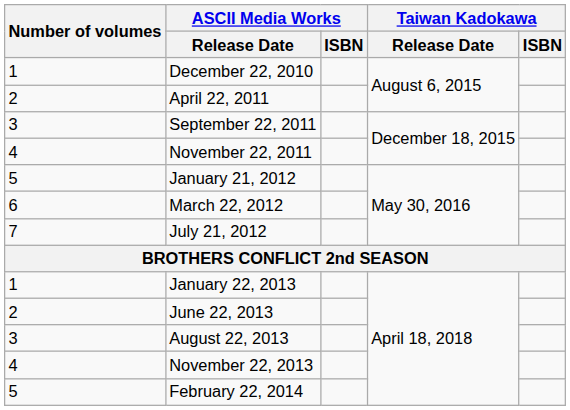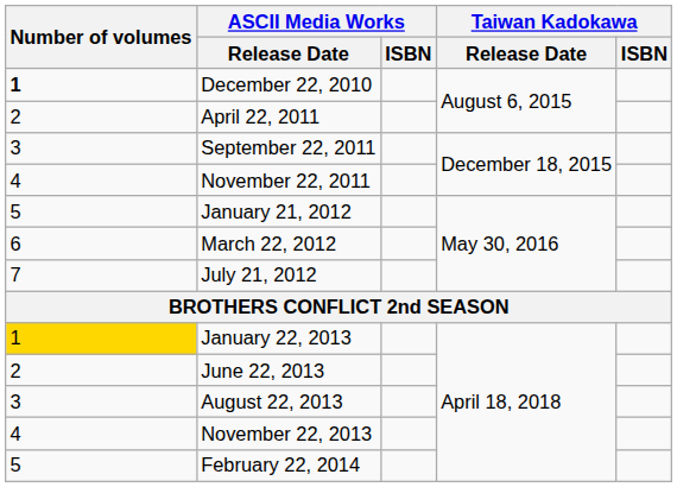 <table class=wikitable style="font-size:small;">
 <tr>
 <th rowspan="2">Number of volumes</th>
 <th colspan="2"> <a href='#'>ASCII Media Works</a></th>
 <th colspan="2"> <a href='#'>Taiwan Kadokawa</a></th>
 </tr>
 <tr>
 <th>Release Date</th>
 <th>ISBN</th>
 <th>Release Date</th>
 <th>ISBN</th>
 </tr>
 <tr>
-<td>1</td>
+<td><strong>1</strong></td>
 <td>December 22, 2010</td>
 <td></td>
 <td rowspan="2">August 6, 2015</td>
 <td></td>
 </tr>
 <tr>
 <td>2</td>
 <td>April 22, 2011</td>
 <td></td>
 <td></td>
 </tr>
 <tr>
 <td>3</td>
 <td>September 22, 2011</td>
 <td></td>
 <td rowspan="2">December 18, 2015</td>
 <td></td>
 </tr>
 <tr>
 <td>4</td>
 <td>November 22, 2011</td>
 <td></td>
 <td></td>
 </tr>
 <tr>
 <td>5</td>
 <td>January 21, 2012</td>
 <td></td>
 <td rowspan="3">May 30, 2016</td>
 <td></td>
 </tr>
 <tr>
 <td>6</td>
 <td>March 22, 2012</td>
 <td></td>
 <td></td>
 </tr>
 <tr>
 <td>7</td>
 <td>July 21, 2012</td>
 <td></td>
 <td></td>
 </tr>
 <tr>
 <th colspan="5">BROTHERS CONFLICT 2nd SEASON</th>
 </tr>
 <tr>
-<td>1</td>
+<td style="background: gold;">1</td>
 <td>January 22, 2013</td>
 <td></td>
 <td rowspan="5">April 18, 2018</td>
 <td></td>
 </tr>
 <tr>
 <td>2</td>
 <td>June 22, 2013</td>
 <td></td>
 <td></td>
 </tr>
 <tr>
 <td>3</td>
 <td>August 22, 2013</td>
 <td></td>
 <td></td>
 </tr>
 <tr>
 <td>4</td>
 <td>November 22, 2013</td>
 <td></td>
 <td></td>
 </tr>
 <tr>
 <td>5</td>
 <td>February 22, 2014</td>
 <td></td>
 <td></td>
 </tr>
 </table>
